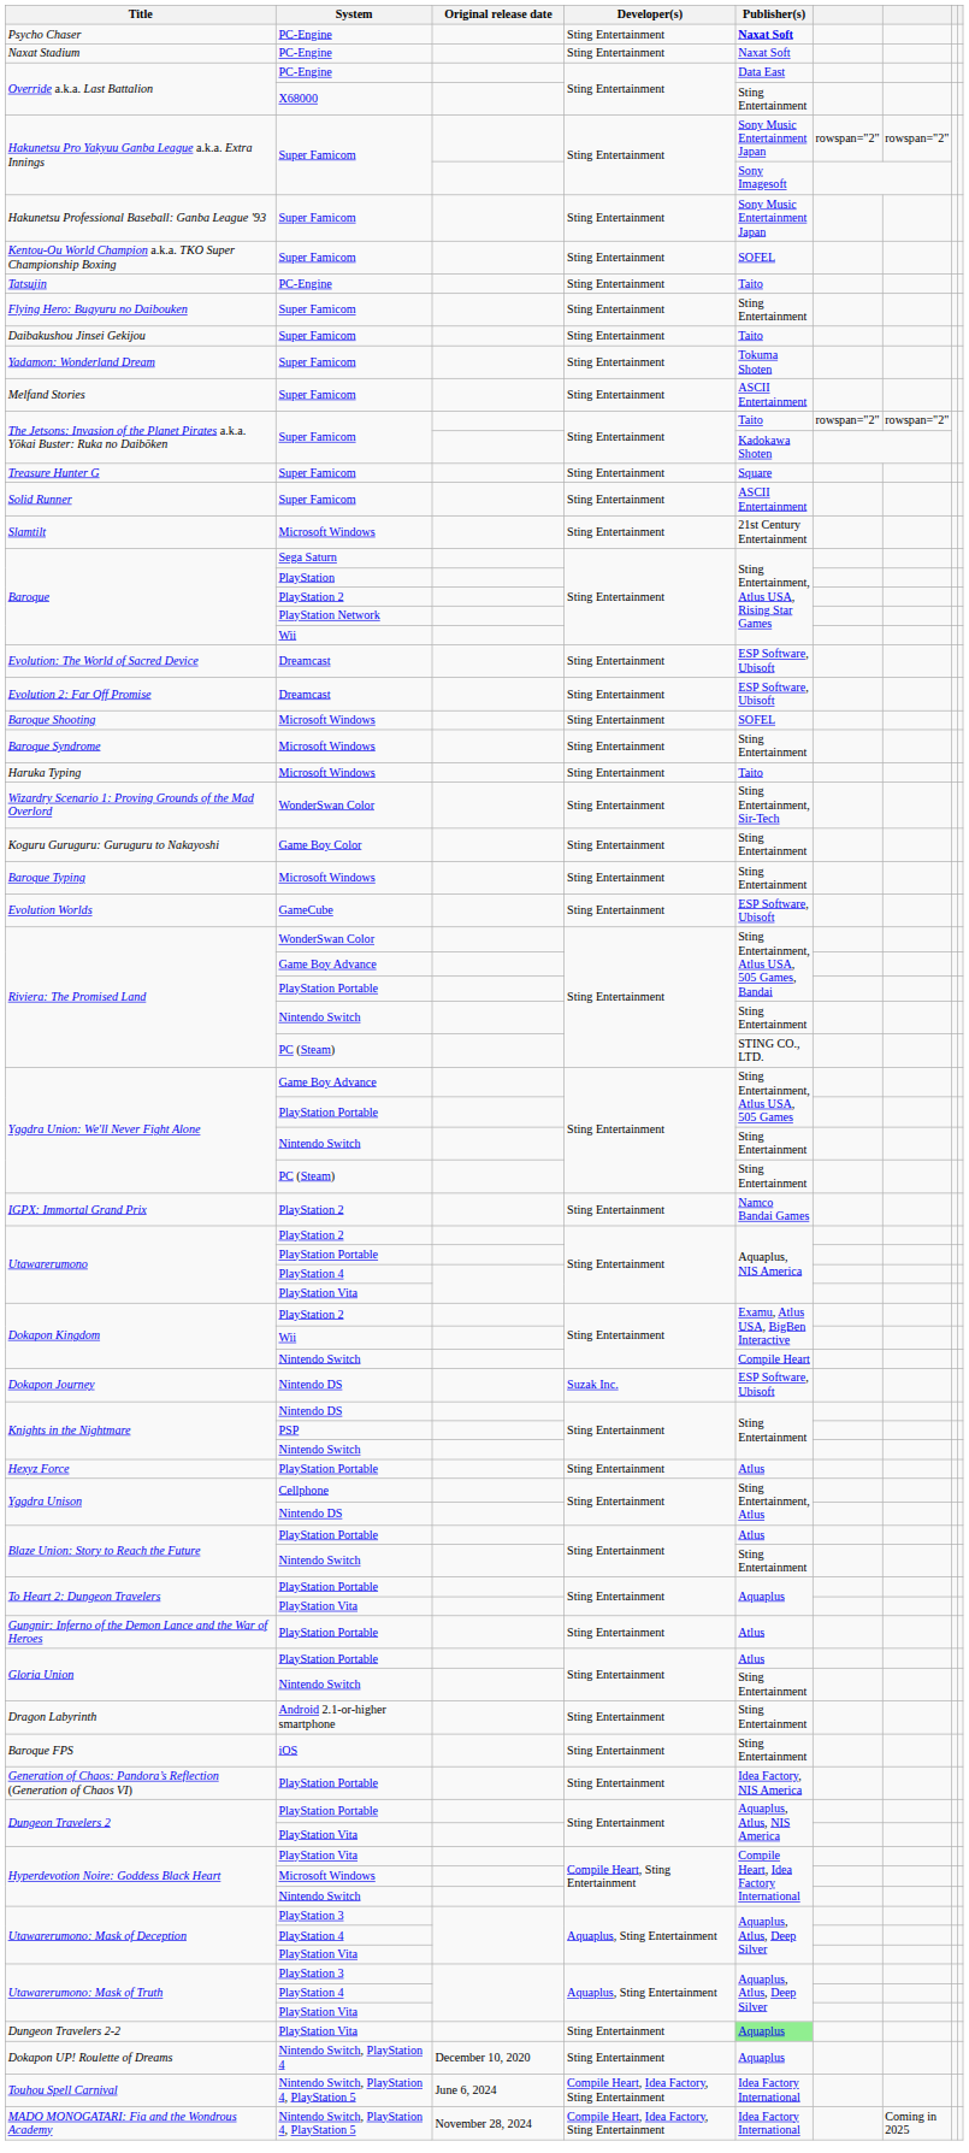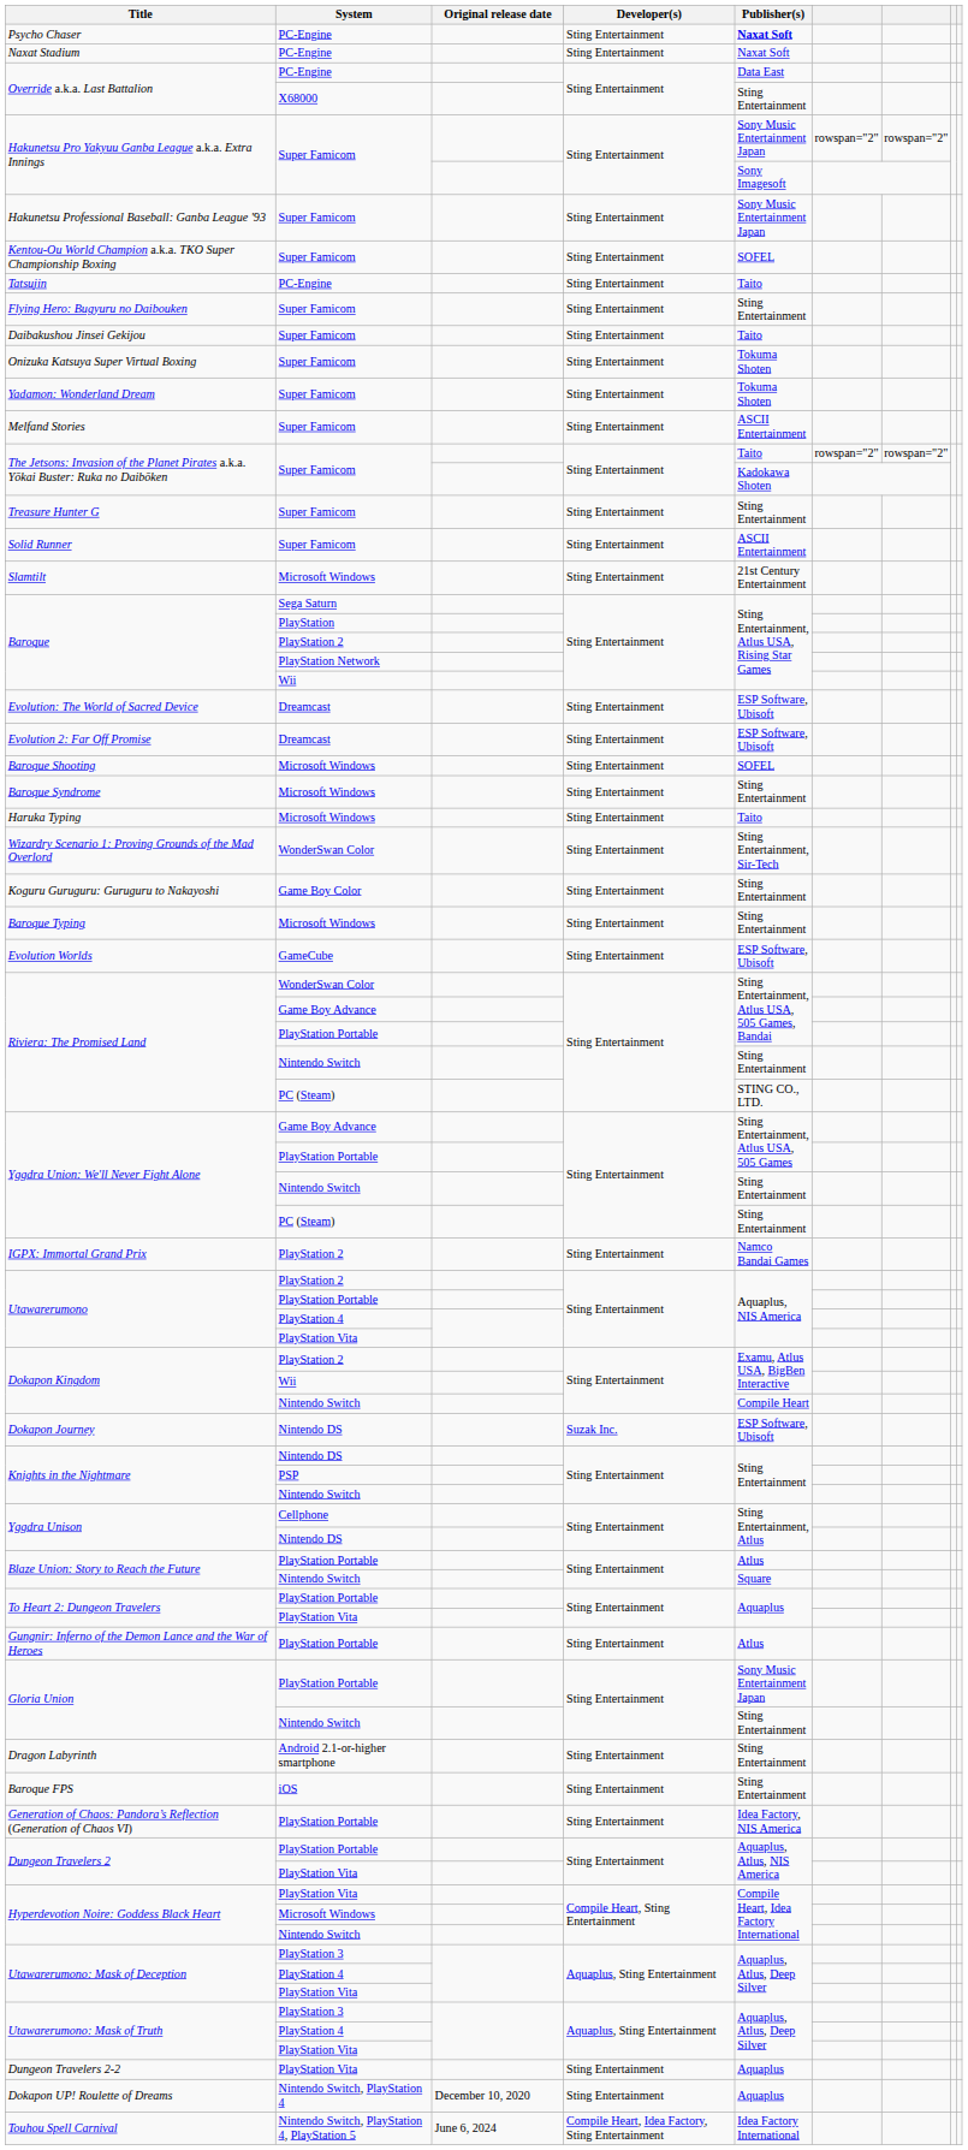 <table class="wikitable sortable" style="width: 100%">
 <tr>
 <th style="width:36%">Title</th>
 <th style="width:20%">System</th>
 <th style="width:17%">Original release date</th>
 <th style="width:22%">Developer(s)</th>
 <th style="width:22%">Publisher(s)</th>
 <th style="width:3%"></th>
 <th style="width:3%"></th>
 <th style="width:3%"></th>
 <th style="width:3%"></th>
 </tr>
 <tr>
 <td><em>Psycho Chaser</em></td>
 <td><a href='#'>PC-Engine</a></td>
 <td></td>
 <td>Sting Entertainment</td>
 <td><strong><a href='#'>Naxat Soft</a></strong></td>
 <td></td>
 <td></td>
 <td></td>
 <td></td>
 </tr>
 <tr>
 <td><em>Naxat Stadium</em></td>
 <td><a href='#'>PC-Engine</a></td>
 <td></td>
 <td>Sting Entertainment</td>
 <td><a href='#'>Naxat Soft</a></td>
 <td></td>
 <td></td>
 <td></td>
 <td></td>
 </tr>
 <tr>
 <td rowspan="2"><em><a href='#'>Override</a></em> a.k.a. <em>Last Battalion</em></td>
 <td><a href='#'>PC-Engine</a></td>
 <td></td>
 <td rowspan="2">Sting Entertainment</td>
 <td><a href='#'>Data East</a></td>
 <td></td>
 <td></td>
 <td></td>
 <td></td>
 </tr>
 <tr>
 <td><a href='#'>X68000</a></td>
 <td></td>
 <td>Sting Entertainment</td>
 <td></td>
 <td></td>
 <td></td>
 <td></td>
 </tr>
 <tr>
 <td rowspan="2"><em><a href='#'>Hakunetsu Pro Yakyuu Ganba League</a></em> a.k.a. <em>Extra Innings</em></td>
 <td rowspan="2"><a href='#'>Super Famicom</a></td>
 <td></td>
 <td rowspan="2">Sting Entertainment</td>
 <td><a href='#'>Sony Music Entertainment Japan</a></td>
 <td>rowspan="2" </td>
 <td>rowspan="2" </td>
 <td rowspan="2"></td>
 <td rowspan="2"></td>
 </tr>
 <tr>
 <td></td>
 <td><a href='#'>Sony Imagesoft</a></td>
 </tr>
 <tr>
 <td><em>Hakunetsu Professional Baseball: Ganba League '93</em></td>
 <td><a href='#'>Super Famicom</a></td>
 <td></td>
 <td>Sting Entertainment</td>
 <td><a href='#'>Sony Music Entertainment Japan</a></td>
 <td></td>
 <td></td>
 <td></td>
 <td></td>
 </tr>
 <tr>
 <td><em><a href='#'>Kentou-Ou World Champion</a></em> a.k.a. <em>TKO Super Championship Boxing</em></td>
 <td><a href='#'>Super Famicom</a></td>
 <td></td>
 <td>Sting Entertainment</td>
 <td><a href='#'>SOFEL</a></td>
 <td></td>
 <td></td>
 <td></td>
 <td></td>
 </tr>
 <tr>
 <td><em><a href='#'>Tatsujin</a></em></td>
 <td><a href='#'>PC-Engine</a></td>
 <td></td>
 <td>Sting Entertainment</td>
 <td><a href='#'>Taito</a></td>
 <td></td>
 <td></td>
 <td></td>
 <td></td>
 </tr>
 <tr>
 <td><em><a href='#'>Flying Hero: Bugyuru no Daibouken</a></em></td>
 <td><a href='#'>Super Famicom</a></td>
 <td></td>
 <td>Sting Entertainment</td>
 <td>Sting Entertainment</td>
 <td></td>
 <td></td>
 <td></td>
 <td></td>
 </tr>
 <tr>
 <td><em>Daibakushou Jinsei Gekijou</em></td>
 <td><a href='#'>Super Famicom</a></td>
 <td></td>
 <td>Sting Entertainment</td>
 <td><a href='#'>Taito</a></td>
 <td></td>
 <td></td>
 <td></td>
 <td></td>
 </tr>
 <tr>
+<td><em>Onizuka Katsuya Super Virtual Boxing</em></td>
+<td><a href='#'>Super Famicom</a></td>
+<td></td>
+<td>Sting Entertainment</td>
+<td><a href='#'>Tokuma Shoten</a></td>
+<td></td>
+<td></td>
+<td></td>
+<td></td>
+</tr>
+<tr>
 <td><em><a href='#'>Yadamon: Wonderland Dream</a></em></td>
 <td><a href='#'>Super Famicom</a></td>
 <td></td>
 <td>Sting Entertainment</td>
 <td><a href='#'>Tokuma Shoten</a></td>
 <td></td>
 <td></td>
 <td></td>
 <td></td>
 </tr>
 <tr>
 <td><em>Melfand Stories</em></td>
 <td><a href='#'>Super Famicom</a></td>
 <td></td>
 <td>Sting Entertainment</td>
 <td><a href='#'>ASCII Entertainment</a></td>
 <td></td>
 <td></td>
 <td></td>
 <td></td>
 </tr>
 <tr>
 <td rowspan="2"><em><a href='#'>The Jetsons: Invasion of the Planet Pirates</a></em> a.k.a. <em>Yōkai Buster: Ruka no Daibōken</em></td>
 <td rowspan="2"><a href='#'>Super Famicom</a></td>
 <td></td>
 <td rowspan="2">Sting Entertainment</td>
 <td><a href='#'>Taito</a></td>
 <td>rowspan="2" </td>
 <td>rowspan="2" </td>
 <td rowspan="2"></td>
 <td rowspan="2"></td>
 </tr>
 <tr>
 <td></td>
 <td><a href='#'>Kadokawa Shoten</a></td>
 </tr>
 <tr>
 <td><em><a href='#'>Treasure Hunter G</a></em></td>
 <td><a href='#'>Super Famicom</a></td>
 <td></td>
 <td>Sting Entertainment</td>
-<td><a href='#'>Square</a></td>
+<td>Sting Entertainment</td>
 <td></td>
 <td></td>
 <td></td>
 <td></td>
 </tr>
 <tr>
 <td><em><a href='#'>Solid Runner</a></em></td>
 <td><a href='#'>Super Famicom</a></td>
 <td></td>
 <td>Sting Entertainment</td>
 <td><a href='#'>ASCII Entertainment</a></td>
 <td></td>
 <td></td>
 <td></td>
 <td></td>
 </tr>
 <tr>
 <td><em><a href='#'>Slamtilt</a></em></td>
 <td><a href='#'>Microsoft Windows</a></td>
 <td></td>
 <td>Sting Entertainment</td>
 <td>21st Century Entertainment</td>
 <td></td>
 <td></td>
 <td></td>
 <td></td>
 </tr>
 <tr>
 <td rowspan="5"><em><a href='#'>Baroque</a></em></td>
 <td><a href='#'>Sega Saturn</a></td>
 <td></td>
 <td rowspan="5">Sting Entertainment</td>
 <td rowspan="5">Sting Entertainment, <a href='#'>Atlus USA</a>, <a href='#'>Rising Star Games</a></td>
 <td></td>
 <td></td>
 <td></td>
 <td></td>
 </tr>
 <tr>
 <td><a href='#'>PlayStation</a></td>
 <td></td>
 <td></td>
 <td></td>
 <td></td>
 <td></td>
 </tr>
 <tr>
 <td><a href='#'>PlayStation 2</a></td>
 <td></td>
 <td></td>
 <td></td>
 <td></td>
 <td></td>
 </tr>
 <tr>
 <td><a href='#'>PlayStation Network</a></td>
 <td></td>
 <td></td>
 <td></td>
 <td></td>
 <td></td>
 </tr>
 <tr>
 <td><a href='#'>Wii</a></td>
 <td></td>
 <td></td>
 <td></td>
 <td></td>
 <td></td>
 </tr>
 <tr>
 <td><em><a href='#'>Evolution: The World of Sacred Device</a></em></td>
 <td><a href='#'>Dreamcast</a></td>
 <td></td>
 <td>Sting Entertainment</td>
 <td><a href='#'>ESP Software</a>, <a href='#'>Ubisoft</a></td>
 <td></td>
 <td></td>
 <td></td>
 <td></td>
 </tr>
 <tr>
 <td><em><a href='#'>Evolution 2: Far Off Promise</a></em></td>
 <td><a href='#'>Dreamcast</a></td>
 <td></td>
 <td>Sting Entertainment</td>
 <td><a href='#'>ESP Software</a>, <a href='#'>Ubisoft</a></td>
 <td></td>
 <td></td>
 <td></td>
 <td></td>
 </tr>
 <tr>
 <td><em><a href='#'>Baroque Shooting</a></em></td>
 <td><a href='#'>Microsoft Windows</a></td>
 <td></td>
 <td>Sting Entertainment</td>
 <td><a href='#'>SOFEL</a></td>
 <td></td>
 <td></td>
 <td></td>
 <td></td>
 </tr>
 <tr>
 <td><em><a href='#'>Baroque Syndrome</a></em></td>
 <td><a href='#'>Microsoft Windows</a></td>
 <td></td>
 <td>Sting Entertainment</td>
 <td>Sting Entertainment</td>
 <td></td>
 <td></td>
 <td></td>
 <td></td>
 </tr>
 <tr>
 <td><em>Haruka Typing</em></td>
 <td><a href='#'>Microsoft Windows</a></td>
 <td></td>
 <td>Sting Entertainment</td>
 <td><a href='#'>Taito</a></td>
 <td></td>
 <td></td>
 <td></td>
 <td></td>
 </tr>
 <tr>
 <td><em><a href='#'>Wizardry Scenario 1: Proving Grounds of the Mad Overlord</a></em></td>
 <td><a href='#'>WonderSwan Color</a></td>
 <td></td>
 <td>Sting Entertainment</td>
 <td>Sting Entertainment, <a href='#'>Sir-Tech</a></td>
 <td></td>
 <td></td>
 <td></td>
 <td></td>
 </tr>
 <tr>
 <td><em>Koguru Guruguru: Guruguru to Nakayoshi</em></td>
 <td><a href='#'>Game Boy Color</a></td>
 <td></td>
 <td>Sting Entertainment</td>
 <td>Sting Entertainment</td>
 <td></td>
 <td></td>
 <td></td>
 <td></td>
 </tr>
 <tr>
 <td><em><a href='#'>Baroque Typing</a></em></td>
 <td><a href='#'>Microsoft Windows</a></td>
 <td></td>
 <td>Sting Entertainment</td>
 <td>Sting Entertainment</td>
 <td></td>
 <td></td>
 <td></td>
 <td></td>
 </tr>
 <tr>
 <td><em><a href='#'>Evolution Worlds</a></em></td>
 <td><a href='#'>GameCube</a></td>
 <td></td>
 <td>Sting Entertainment</td>
 <td><a href='#'>ESP Software</a>, <a href='#'>Ubisoft</a></td>
 <td></td>
 <td></td>
 <td></td>
 <td></td>
 </tr>
 <tr>
 <td rowspan="5"><em><a href='#'>Riviera: The Promised Land</a></em></td>
 <td><a href='#'>WonderSwan Color</a></td>
 <td></td>
 <td rowspan="5">Sting Entertainment</td>
 <td rowspan="3">Sting Entertainment, <a href='#'>Atlus USA</a>, <a href='#'>505 Games</a>, <a href='#'>Bandai</a></td>
 <td></td>
 <td></td>
 <td></td>
 <td></td>
 </tr>
 <tr>
 <td><a href='#'>Game Boy Advance</a></td>
 <td></td>
 <td></td>
 <td></td>
 <td></td>
 <td></td>
 </tr>
 <tr>
 <td><a href='#'>PlayStation Portable</a></td>
 <td></td>
 <td></td>
 <td></td>
 <td></td>
 <td></td>
 </tr>
 <tr>
 <td><a href='#'>Nintendo Switch</a></td>
 <td></td>
 <td>Sting Entertainment</td>
 <td></td>
 <td></td>
 <td></td>
 <td></td>
 </tr>
 <tr>
 <td><a href='#'>PC</a> (<a href='#'>Steam</a>)</td>
 <td></td>
 <td>STING CO., LTD.</td>
 <td></td>
 <td></td>
 <td></td>
 <td></td>
 </tr>
 <tr>
 <td rowspan="4"><em><a href='#'>Yggdra Union: We'll Never Fight Alone</a></em></td>
 <td><a href='#'>Game Boy Advance</a></td>
 <td></td>
 <td rowspan="4">Sting Entertainment</td>
 <td rowspan="2">Sting Entertainment, <a href='#'>Atlus USA</a>, <a href='#'>505 Games</a></td>
 <td></td>
 <td></td>
 <td></td>
 <td></td>
 </tr>
 <tr>
 <td><a href='#'>PlayStation Portable</a></td>
 <td></td>
 <td></td>
 <td></td>
 <td></td>
 <td></td>
 </tr>
 <tr>
 <td><a href='#'>Nintendo Switch</a></td>
 <td></td>
 <td>Sting Entertainment</td>
 <td></td>
 <td></td>
 <td></td>
 <td></td>
 </tr>
 <tr>
 <td><a href='#'>PC</a> (<a href='#'>Steam</a>)</td>
 <td></td>
 <td>Sting Entertainment</td>
 <td></td>
 <td></td>
 <td></td>
 <td></td>
 </tr>
 <tr>
 <td><em><a href='#'>IGPX: Immortal Grand Prix</a></em></td>
 <td><a href='#'>PlayStation 2</a></td>
 <td></td>
 <td>Sting Entertainment</td>
 <td><a href='#'>Namco Bandai Games</a></td>
 <td></td>
 <td></td>
 <td></td>
 <td></td>
 </tr>
 <tr>
 <td rowspan="4"><em><a href='#'>Utawarerumono</a></em></td>
 <td><a href='#'>PlayStation 2</a></td>
 <td></td>
 <td rowspan="4">Sting Entertainment</td>
 <td rowspan="4">Aquaplus, <a href='#'>NIS America</a></td>
 <td></td>
 <td></td>
 <td></td>
 <td></td>
 </tr>
 <tr>
 <td><a href='#'>PlayStation Portable</a></td>
 <td></td>
 <td></td>
 <td></td>
 <td></td>
 <td></td>
 </tr>
 <tr>
 <td><a href='#'>PlayStation 4</a></td>
 <td rowspan="2"></td>
 <td></td>
 <td></td>
 <td></td>
 <td></td>
 </tr>
 <tr>
 <td><a href='#'>PlayStation Vita</a></td>
 <td></td>
 <td></td>
 <td></td>
 <td></td>
 </tr>
 <tr>
 <td rowspan="3"><em><a href='#'>Dokapon Kingdom</a></em></td>
 <td><a href='#'>PlayStation 2</a></td>
 <td></td>
 <td rowspan="3">Sting Entertainment</td>
 <td rowspan="2"><a href='#'>Examu</a>, <a href='#'>Atlus USA</a>, <a href='#'>BigBen Interactive</a></td>
 <td></td>
 <td></td>
 <td></td>
 <td></td>
 </tr>
 <tr>
 <td><a href='#'>Wii</a></td>
 <td></td>
 <td></td>
 <td></td>
 <td></td>
 <td></td>
 </tr>
 <tr>
 <td><a href='#'>Nintendo Switch</a></td>
 <td></td>
 <td><a href='#'>Compile Heart</a></td>
 <td></td>
 <td></td>
 <td></td>
 <td></td>
 </tr>
 <tr>
 <td><em><a href='#'>Dokapon Journey</a></em></td>
 <td><a href='#'>Nintendo DS</a></td>
 <td></td>
 <td><a href='#'>Suzak Inc.</a></td>
 <td><a href='#'>ESP Software</a>, <a href='#'>Ubisoft</a></td>
 <td></td>
 <td></td>
 <td></td>
 <td></td>
 </tr>
 <tr>
 <td rowspan="3"><em><a href='#'>Knights in the Nightmare</a></em></td>
 <td><a href='#'>Nintendo DS</a></td>
 <td></td>
 <td rowspan="3">Sting Entertainment</td>
 <td rowspan="3">Sting Entertainment</td>
 <td></td>
 <td></td>
 <td></td>
 <td></td>
 </tr>
 <tr>
 <td><a href='#'>PSP</a></td>
 <td></td>
 <td></td>
 <td></td>
 <td></td>
 <td></td>
 </tr>
 <tr>
 <td><a href='#'>Nintendo Switch</a></td>
 <td></td>
 <td></td>
 <td></td>
 <td></td>
 <td></td>
 </tr>
 <tr>
-<td><em><a href='#'>Hexyz Force</a></em></td>
-<td><a href='#'>PlayStation Portable</a></td>
-<td></td>
-<td>Sting Entertainment</td>
-<td><a href='#'>Atlus</a></td>
-<td></td>
-<td></td>
-<td></td>
-<td></td>
-</tr>
-<tr>
 <td rowspan="2"><em><a href='#'>Yggdra Unison</a></em></td>
 <td><a href='#'>Cellphone</a></td>
 <td></td>
 <td rowspan="2">Sting Entertainment</td>
 <td rowspan="2">Sting Entertainment, <a href='#'>Atlus</a></td>
 <td></td>
 <td></td>
 <td></td>
 <td></td>
 </tr>
 <tr>
 <td><a href='#'>Nintendo DS</a></td>
 <td></td>
 <td></td>
 <td></td>
 <td></td>
 <td></td>
 </tr>
 <tr>
 <td rowspan="2"><em><a href='#'>Blaze Union: Story to Reach the Future</a></em></td>
 <td><a href='#'>PlayStation Portable</a></td>
 <td></td>
 <td rowspan="2">Sting Entertainment</td>
 <td><a href='#'>Atlus</a></td>
 <td></td>
 <td></td>
 <td></td>
 <td></td>
 </tr>
 <tr>
 <td><a href='#'>Nintendo Switch</a></td>
 <td></td>
-<td>Sting Entertainment</td>
+<td><a href='#'>Square</a></td>
 <td></td>
 <td></td>
 <td></td>
 <td></td>
 </tr>
 <tr>
 <td rowspan="2"><em><a href='#'>To Heart 2: Dungeon Travelers</a></em></td>
 <td><a href='#'>PlayStation Portable</a></td>
 <td></td>
 <td rowspan="2">Sting Entertainment</td>
 <td rowspan="2"><a href='#'>Aquaplus</a></td>
 <td></td>
 <td></td>
 <td></td>
 <td></td>
 </tr>
 <tr>
 <td><a href='#'>PlayStation Vita</a></td>
 <td></td>
 <td></td>
 <td></td>
 <td></td>
 <td></td>
 </tr>
 <tr>
 <td><em><a href='#'>Gungnir: Inferno of the Demon Lance and the War of Heroes</a></em></td>
 <td><a href='#'>PlayStation Portable</a></td>
 <td></td>
 <td>Sting Entertainment</td>
 <td><a href='#'>Atlus</a></td>
 <td></td>
 <td></td>
 <td></td>
 <td></td>
 </tr>
 <tr>
 <td rowspan="2"><em><a href='#'>Gloria Union</a></em></td>
 <td><a href='#'>PlayStation Portable</a></td>
 <td></td>
 <td rowspan="2">Sting Entertainment</td>
-<td><a href='#'>Atlus</a></td>
+<td><a href='#'>Sony Music Entertainment Japan</a></td>
 <td></td>
 <td></td>
 <td></td>
 <td></td>
 </tr>
 <tr>
 <td><a href='#'>Nintendo Switch</a></td>
 <td></td>
 <td>Sting Entertainment</td>
 <td></td>
 <td></td>
 <td></td>
 <td></td>
 </tr>
 <tr>
 <td><em>Dragon Labyrinth</em></td>
 <td><a href='#'>Android</a> 2.1-or-higher smartphone</td>
 <td></td>
 <td>Sting Entertainment</td>
 <td>Sting Entertainment</td>
 <td></td>
 <td></td>
 <td></td>
 <td></td>
 </tr>
 <tr>
 <td><em>Baroque FPS</em></td>
 <td><a href='#'>iOS</a></td>
 <td></td>
 <td>Sting Entertainment</td>
 <td>Sting Entertainment</td>
 <td></td>
 <td></td>
 <td></td>
 <td></td>
 </tr>
 <tr>
 <td><em><a href='#'>Generation of Chaos: Pandora’s Reflection</a></em> (<em>Generation of Chaos VI</em>)</td>
 <td><a href='#'>PlayStation Portable</a></td>
 <td></td>
 <td>Sting Entertainment</td>
 <td><a href='#'>Idea Factory</a>, <a href='#'>NIS America</a></td>
 <td></td>
 <td></td>
 <td></td>
 <td></td>
 </tr>
 <tr>
 <td rowspan="2"><em><a href='#'>Dungeon Travelers 2</a></em></td>
 <td><a href='#'>PlayStation Portable</a></td>
 <td></td>
 <td rowspan="2">Sting Entertainment</td>
 <td rowspan="2"><a href='#'>Aquaplus</a>, <a href='#'>Atlus</a>, <a href='#'>NIS America</a></td>
 <td></td>
 <td></td>
 <td></td>
 <td></td>
 </tr>
 <tr>
 <td><a href='#'>PlayStation Vita</a></td>
 <td></td>
 <td></td>
 <td></td>
 <td></td>
 <td></td>
 </tr>
 <tr>
 <td rowspan="3"><em><a href='#'>Hyperdevotion Noire: Goddess Black Heart</a></em></td>
 <td><a href='#'>PlayStation Vita</a></td>
 <td></td>
 <td rowspan="3"><a href='#'>Compile Heart</a>, Sting Entertainment</td>
 <td rowspan="3"><a href='#'>Compile Heart</a>, <a href='#'>Idea Factory International</a></td>
 <td></td>
 <td></td>
 <td></td>
 <td></td>
 </tr>
 <tr>
 <td><a href='#'>Microsoft Windows</a></td>
 <td></td>
 <td></td>
 <td></td>
 <td></td>
 <td></td>
 </tr>
 <tr>
 <td><a href='#'>Nintendo Switch</a></td>
 <td></td>
 <td></td>
 <td></td>
 <td></td>
 <td></td>
 </tr>
 <tr>
 <td rowspan="3"><em><a href='#'>Utawarerumono: Mask of Deception</a></em></td>
 <td><a href='#'>PlayStation 3</a></td>
 <td rowspan="3"></td>
 <td rowspan="3"><a href='#'>Aquaplus</a>, Sting Entertainment</td>
 <td rowspan="3"><a href='#'>Aquaplus</a>, <a href='#'>Atlus</a>, <a href='#'>Deep Silver</a></td>
 <td></td>
 <td></td>
 <td></td>
 <td></td>
 </tr>
 <tr>
 <td><a href='#'>PlayStation 4</a></td>
 <td></td>
 <td></td>
 <td></td>
 <td></td>
 </tr>
 <tr>
 <td><a href='#'>PlayStation Vita</a></td>
 <td></td>
 <td></td>
 <td></td>
 <td></td>
 </tr>
 <tr>
 <td rowspan="3"><em><a href='#'>Utawarerumono: Mask of Truth</a></em></td>
 <td><a href='#'>PlayStation 3</a></td>
 <td rowspan="3"></td>
 <td rowspan="3"><a href='#'>Aquaplus</a>, Sting Entertainment</td>
 <td rowspan="3"><a href='#'>Aquaplus</a>, <a href='#'>Atlus</a>, <a href='#'>Deep Silver</a></td>
 <td></td>
 <td></td>
 <td></td>
 <td></td>
 </tr>
 <tr>
 <td><a href='#'>PlayStation 4</a></td>
 <td></td>
 <td></td>
 <td></td>
 <td></td>
 </tr>
 <tr>
 <td><a href='#'>PlayStation Vita</a></td>
 <td></td>
 <td></td>
 <td></td>
 <td></td>
 </tr>
 <tr>
 <td><em>Dungeon Travelers 2-2</em></td>
 <td><a href='#'>PlayStation Vita</a></td>
 <td></td>
 <td>Sting Entertainment</td>
-<td style="background: lightgreen;"><a href='#'>Aquaplus</a></td>
+<td><a href='#'>Aquaplus</a></td>
 <td></td>
 <td></td>
 <td></td>
 <td></td>
 </tr>
 <tr>
 <td><em>Dokapon UP! Roulette of Dreams</em></td>
 <td><a href='#'>Nintendo Switch</a>, <a href='#'>PlayStation 4</a></td>
 <td>December 10, 2020</td>
 <td>Sting Entertainment</td>
 <td><a href='#'>Aquaplus</a></td>
 <td></td>
 <td></td>
 <td></td>
 <td></td>
 </tr>
 <tr>
 <td><em><a href='#'>Touhou Spell Carnival</a></em></td>
 <td><a href='#'>Nintendo Switch</a>, <a href='#'>PlayStation 4</a>, <a href='#'>PlayStation 5</a></td>
 <td>June 6, 2024</td>
 <td><a href='#'>Compile Heart</a>, <a href='#'>Idea Factory</a>, Sting Entertainment</td>
 <td><a href='#'>Idea Factory International</a></td>
 <td></td>
 <td></td>
 <td></td>
 <td></td>
 </tr>
-<tr>
-<td><em><a href='#'>MADO MONOGATARI: Fia and the Wondrous Academy</a></em></td>
-<td><a href='#'>Nintendo Switch</a>, <a href='#'>PlayStation 4</a>, <a href='#'>PlayStation 5</a></td>
-<td>November 28, 2024</td>
-<td><a href='#'>Compile Heart</a>, <a href='#'>Idea Factory</a>, Sting Entertainment</td>
-<td><a href='#'>Idea Factory International</a></td>
-<td></td>
-<td>Coming in 2025</td>
-<td></td>
-<td></td>
-</tr>
 </table>
